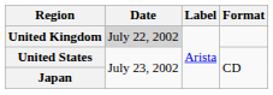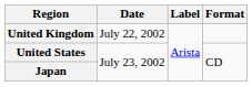 <table class="wikitable plainrowheaders">
 <tr>
 <th scope="col">Region</th>
 <th scope="col">Date</th>
 <th scope="col">Label</th>
 <th scope="col">Format</th>
 </tr>
 <tr>
 <th scope="row">United Kingdom</th>
-<td style="background: lightgrey;">July 22, 2002</td>
+<td>July 22, 2002</td>
 <td rowspan="3"><a href='#'>Arista</a></td>
 <td></td>
 </tr>
 <tr>
 <th scope="row">United States</th>
 <td rowspan="2">July 23, 2002</td>
 <td rowspan="2">CD</td>
 </tr>
 <tr>
 <th scope="row">Japan</th>
 </tr>
 </table>
